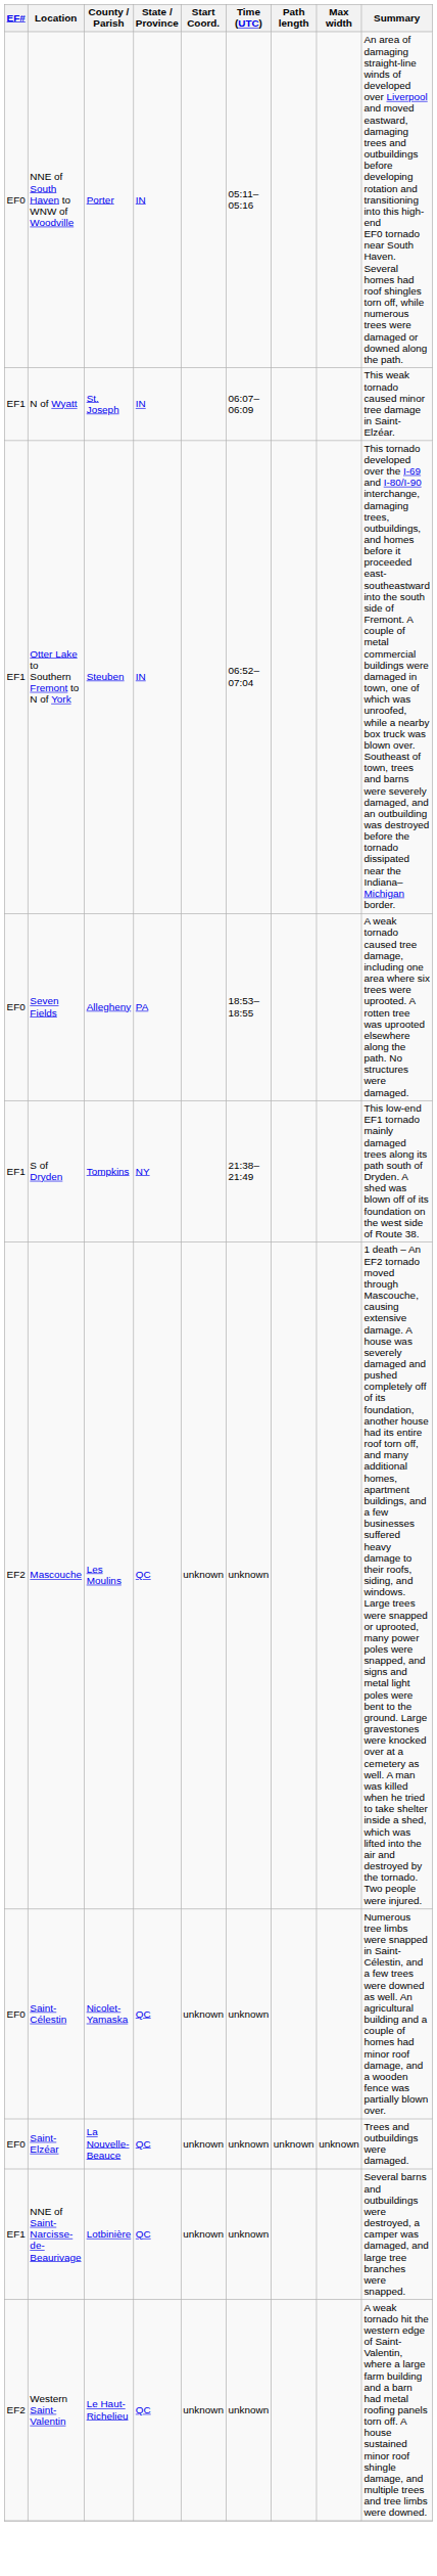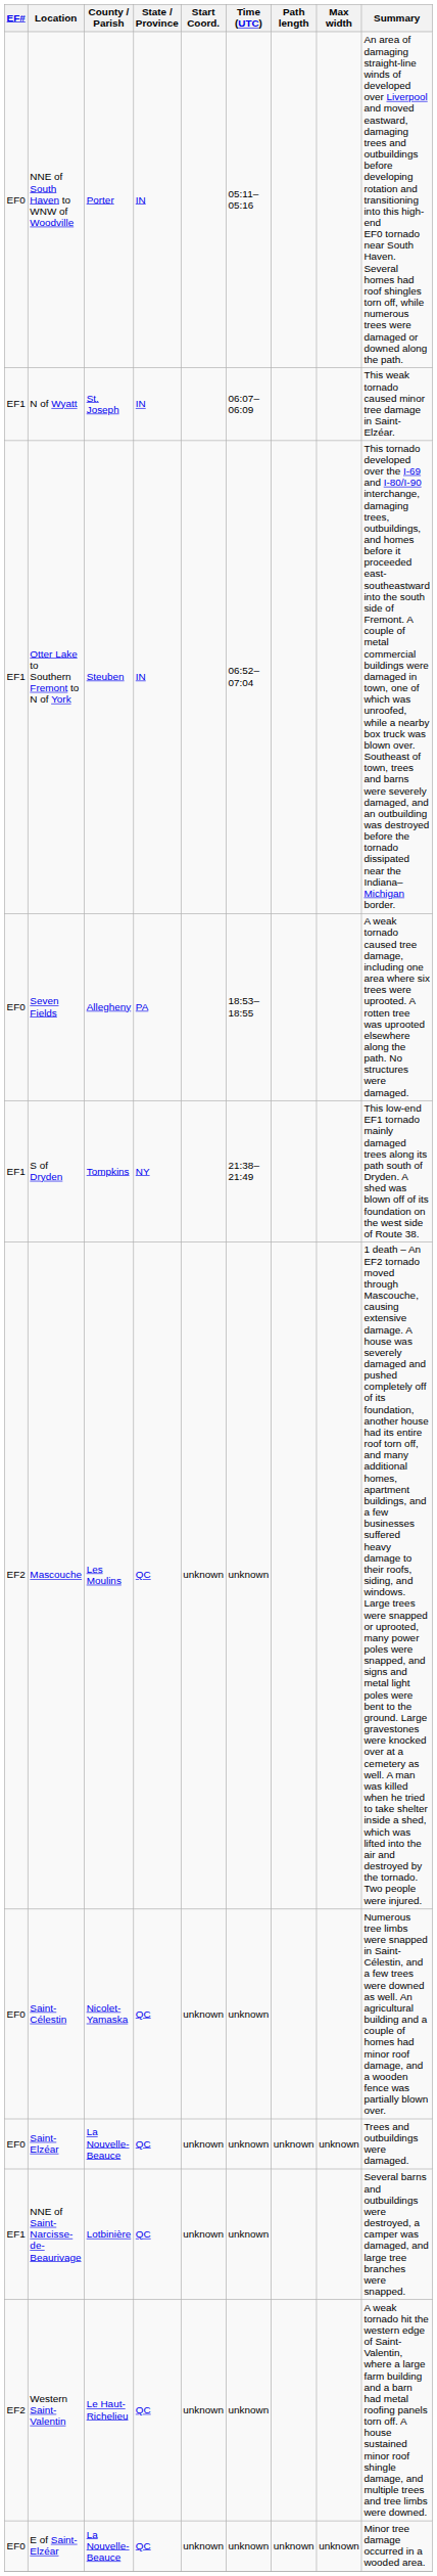 <table class="wikitable sortable" style="width:100%;">
 <tr>
 <th scope="col"  style="width:3%; text-align:center;"><a href='#'>EF#</a></th>
 <th scope="col"  style="width:7%; text-align:center;" class="unsortable">Location</th>
 <th scope="col"  style="width:6%; text-align:center;" class="unsortable">County / Parish</th>
 <th scope="col"  style="width:5%; text-align:center;">State / Province</th>
 <th scope="col"  style="width:6%; text-align:center;">Start Coord.</th>
 <th scope="col"  style="width:6%; text-align:center;">Time (<a href='#'>UTC</a>)</th>
 <th scope="col"  style="width:6%; text-align:center;">Path length</th>
 <th scope="col"  style="width:6%; text-align:center;">Max width</th>
 <th scope="col" class="unsortable" style="width:48%; text-align:center;">Summary</th>
 </tr>
 <tr>
 <td>EF0</td>
 <td>NNE of <a href='#'>South Haven</a> to WNW of <a href='#'>Woodville</a></td>
 <td><a href='#'>Porter</a></td>
 <td><a href='#'>IN</a></td>
 <td></td>
 <td>05:11–05:16</td>
 <td></td>
 <td></td>
 <td>An area of damaging straight-line winds of  developed over <a href='#'>Liverpool</a> and moved eastward, damaging trees and outbuildings before developing rotation and transitioning into this high-end EF0 tornado near South Haven. Several homes had roof shingles torn off, while numerous trees were damaged or downed along the path.</td>
 </tr>
 <tr>
 <td>EF1</td>
 <td>N of <a href='#'>Wyatt</a></td>
 <td><a href='#'>St. Joseph</a></td>
 <td><a href='#'>IN</a></td>
 <td></td>
 <td>06:07–06:09</td>
 <td></td>
 <td></td>
 <td>This weak tornado caused minor tree damage in Saint-Elzéar.</td>
 </tr>
 <tr>
 <td>EF1</td>
 <td><a href='#'>Otter Lake</a> to Southern <a href='#'>Fremont</a> to N of <a href='#'>York</a></td>
 <td><a href='#'>Steuben</a></td>
 <td><a href='#'>IN</a></td>
 <td></td>
 <td>06:52–07:04</td>
 <td></td>
 <td></td>
 <td>This tornado developed over the <a href='#'>I-69</a> and <a href='#'>I-80/I-90</a> interchange, damaging trees, outbuildings, and homes before it proceeded east-southeastward into the south side of Fremont. A couple of metal commercial buildings were damaged in town, one of which was unroofed, while a nearby box truck was blown over. Southeast of town, trees and barns were severely damaged, and an outbuilding was destroyed before the tornado dissipated near the Indiana–<a href='#'>Michigan</a> border.</td>
 </tr>
 <tr>
 <td>EF0</td>
 <td><a href='#'>Seven Fields</a></td>
 <td><a href='#'>Allegheny</a></td>
 <td><a href='#'>PA</a></td>
 <td></td>
 <td>18:53–18:55</td>
 <td></td>
 <td></td>
 <td>A weak tornado caused tree damage, including one area where six trees were uprooted. A rotten tree was uprooted elsewhere along the path. No structures were damaged.</td>
 </tr>
 <tr>
 <td>EF1</td>
 <td>S of <a href='#'>Dryden</a></td>
 <td><a href='#'>Tompkins</a></td>
 <td><a href='#'>NY</a></td>
 <td></td>
 <td>21:38–21:49</td>
 <td></td>
 <td></td>
 <td>This low-end EF1 tornado mainly damaged trees along its path south of Dryden. A shed was blown off of its foundation on the west side of Route 38.</td>
 </tr>
 <tr>
 <td>EF2</td>
 <td><a href='#'>Mascouche</a></td>
 <td><a href='#'>Les Moulins</a></td>
 <td><a href='#'>QC</a></td>
 <td>unknown</td>
 <td>unknown</td>
 <td></td>
 <td></td>
 <td>1 death – An EF2 tornado moved through Mascouche, causing extensive damage. A house was severely damaged and pushed completely off of its foundation, another house had its entire roof torn off, and many additional homes, apartment buildings, and a few businesses suffered heavy damage to their roofs, siding, and windows. Large trees were snapped or uprooted, many power poles were snapped, and signs and metal light poles were bent to the ground. Large gravestones were knocked over at a cemetery as well. A man was killed when he tried to take shelter inside a shed, which was lifted into the air and destroyed by the tornado. Two people were injured.</td>
 </tr>
 <tr>
 <td>EF0</td>
 <td><a href='#'>Saint-Célestin</a></td>
 <td><a href='#'>Nicolet-Yamaska</a></td>
 <td><a href='#'>QC</a></td>
 <td>unknown</td>
 <td>unknown</td>
 <td></td>
 <td></td>
 <td>Numerous tree limbs were snapped in Saint-Célestin, and a few trees were downed as well. An agricultural building and a couple of homes had minor roof damage, and a wooden fence was partially blown over.</td>
 </tr>
 <tr>
 <td>EF0</td>
 <td><a href='#'>Saint-Elzéar</a></td>
 <td><a href='#'>La Nouvelle-Beauce</a></td>
 <td><a href='#'>QC</a></td>
 <td>unknown</td>
 <td>unknown</td>
 <td>unknown</td>
 <td>unknown</td>
 <td>Trees and outbuildings were damaged.</td>
 </tr>
 <tr>
 <td>EF1</td>
 <td>NNE of <a href='#'>Saint-Narcisse-de-Beaurivage</a></td>
 <td><a href='#'>Lotbinière</a></td>
 <td><a href='#'>QC</a></td>
 <td>unknown</td>
 <td>unknown</td>
 <td></td>
 <td></td>
 <td>Several barns and outbuildings were destroyed, a camper was damaged, and large tree branches were snapped.</td>
 </tr>
 <tr>
 <td>EF2</td>
 <td>Western <a href='#'>Saint-Valentin</a></td>
 <td><a href='#'>Le Haut-Richelieu</a></td>
 <td><a href='#'>QC</a></td>
 <td>unknown</td>
 <td>unknown</td>
 <td></td>
 <td></td>
 <td>A weak tornado hit the western edge of Saint-Valentin, where a large farm building and a barn had metal roofing panels torn off. A house sustained minor roof shingle damage, and multiple trees and tree limbs were downed.</td>
 </tr>
 <tr>
+<td>EF0</td>
+<td>E of <a href='#'>Saint-Elzéar</a></td>
+<td><a href='#'>La Nouvelle-Beauce</a></td>
+<td><a href='#'>QC</a></td>
+<td>unknown</td>
+<td>unknown</td>
+<td>unknown</td>
+<td>unknown</td>
+<td>Minor tree damage occurred in a wooded area.</td>
+</tr>
+<tr>
 </tr>
 </table>
